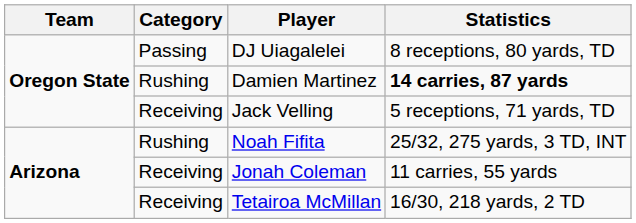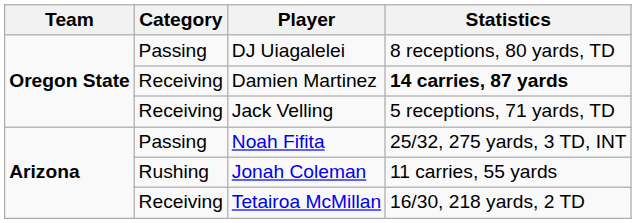 <table class="wikitable" style="float: right;">
 <tr>
 <th>Team</th>
 <th>Category</th>
 <th>Player</th>
 <th>Statistics</th>
 </tr>
 <tr>
 <td rowspan=3><strong>Oregon State</strong></td>
 <td>Passing</td>
 <td>DJ Uiagalelei</td>
 <td>8 receptions, 80 yards, TD</td>
 </tr>
 <tr>
-<td>Rushing</td>
+<td>Receiving</td>
 <td>Damien Martinez</td>
 <td><strong>14 carries, 87 yards</strong></td>
 </tr>
 <tr>
 <td>Receiving</td>
 <td>Jack Velling</td>
 <td>5 receptions, 71 yards, TD</td>
 </tr>
 <tr>
 <td rowspan=3><strong>Arizona</strong></td>
-<td>Rushing</td>
+<td>Passing</td>
 <td><a href='#'>Noah Fifita</a></td>
 <td>25/32, 275 yards, 3 TD, INT</td>
 </tr>
 <tr>
-<td>Receiving</td>
+<td>Rushing</td>
 <td><a href='#'>Jonah Coleman</a></td>
 <td>11 carries, 55 yards</td>
 </tr>
 <tr>
 <td>Receiving</td>
 <td><a href='#'>Tetairoa McMillan</a></td>
 <td>16/30, 218 yards, 2 TD</td>
 </tr>
 </table>
